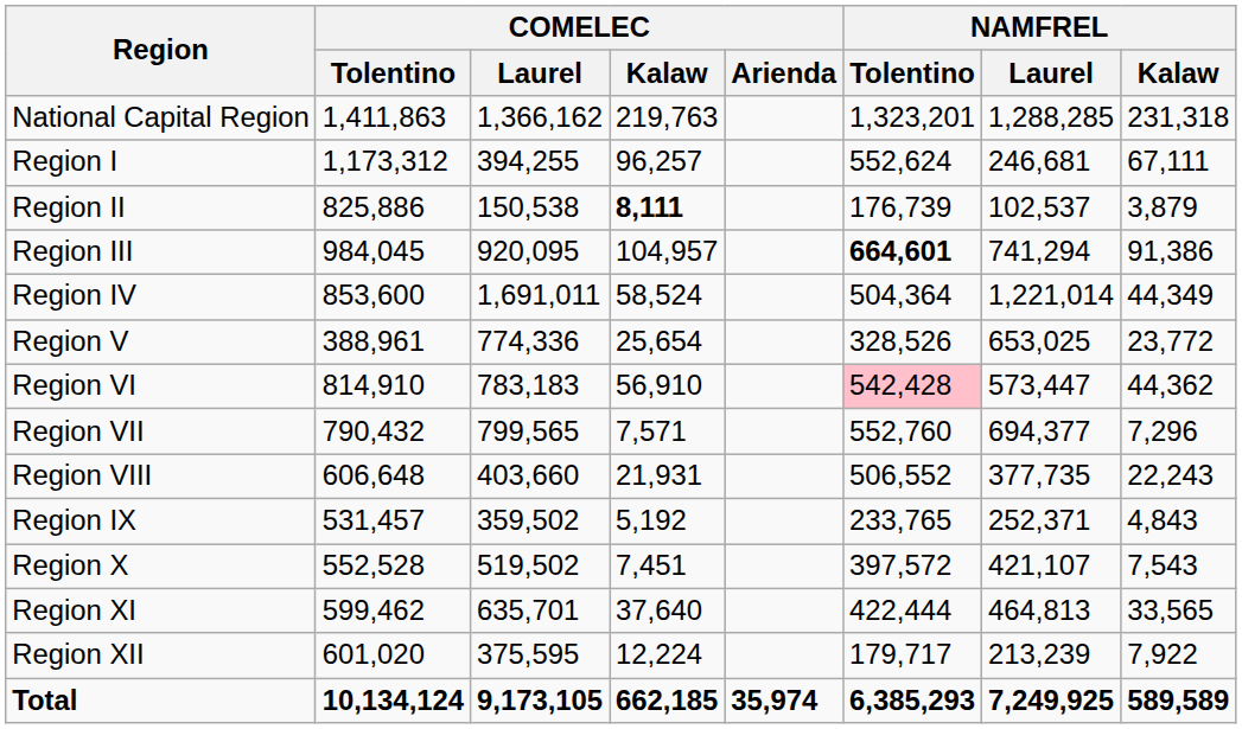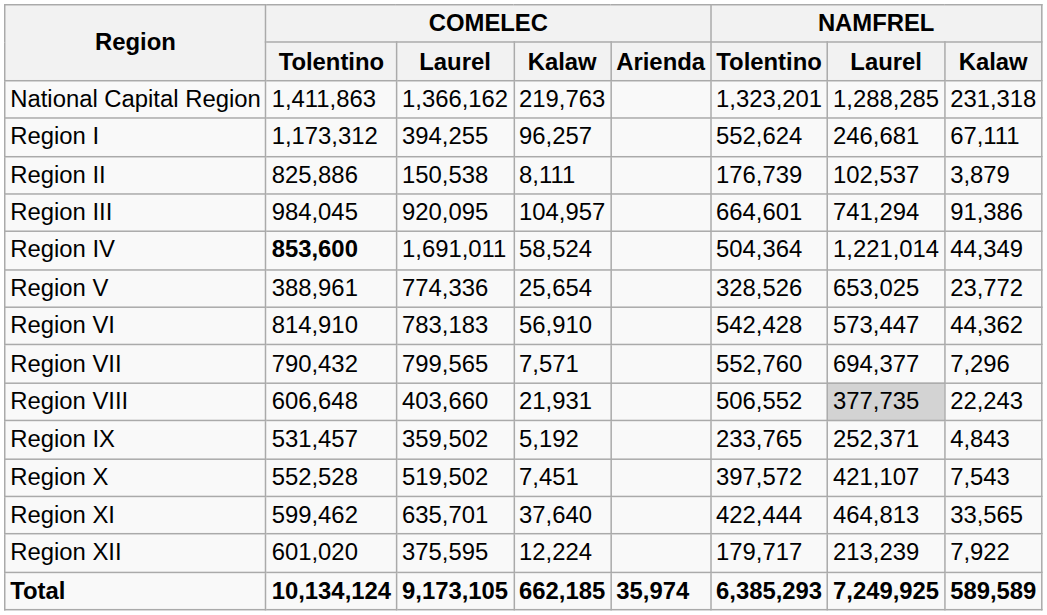 <table class="wikitable">
 <tr>
 <th rowspan="2">Region</th>
 <th colspan="4"><strong>COMELEC</strong></th>
 <th colspan="3"><strong>NAMFREL</strong></th>
 </tr>
 <tr>
 <th>Tolentino</th>
 <th>Laurel</th>
 <th>Kalaw</th>
 <th>Arienda</th>
 <th>Tolentino</th>
 <th>Laurel</th>
 <th>Kalaw</th>
 </tr>
 <tr>
 <td>National Capital Region</td>
 <td>1,411,863</td>
 <td>1,366,162</td>
 <td>219,763</td>
 <td></td>
 <td>1,323,201</td>
 <td>1,288,285</td>
 <td>231,318</td>
 </tr>
 <tr>
 <td>Region I</td>
 <td>1,173,312</td>
 <td>394,255</td>
 <td>96,257</td>
 <td></td>
 <td>552,624</td>
 <td>246,681</td>
 <td>67,111</td>
 </tr>
 <tr>
 <td>Region II</td>
 <td>825,886</td>
 <td>150,538</td>
-<td><strong>8,111</strong></td>
+<td>8,111</td>
 <td></td>
 <td>176,739</td>
 <td>102,537</td>
 <td>3,879</td>
 </tr>
 <tr>
 <td>Region III</td>
 <td>984,045</td>
 <td>920,095</td>
 <td>104,957</td>
 <td></td>
-<td><strong>664,601</strong></td>
+<td>664,601</td>
 <td>741,294</td>
 <td>91,386</td>
 </tr>
 <tr>
 <td>Region IV</td>
-<td>853,600</td>
+<td><strong>853,600</strong></td>
 <td>1,691,011</td>
 <td>58,524</td>
 <td></td>
 <td>504,364</td>
 <td>1,221,014</td>
 <td>44,349</td>
 </tr>
 <tr>
 <td>Region V</td>
 <td>388,961</td>
 <td>774,336</td>
 <td>25,654</td>
 <td></td>
 <td>328,526</td>
 <td>653,025</td>
 <td>23,772</td>
 </tr>
 <tr>
 <td>Region VI</td>
 <td>814,910</td>
 <td>783,183</td>
 <td>56,910</td>
 <td></td>
-<td style="background: pink;">542,428</td>
+<td>542,428</td>
 <td>573,447</td>
 <td>44,362</td>
 </tr>
 <tr>
 <td>Region VII</td>
 <td>790,432</td>
 <td>799,565</td>
 <td>7,571</td>
 <td></td>
 <td>552,760</td>
 <td>694,377</td>
 <td>7,296</td>
 </tr>
 <tr>
 <td>Region VIII</td>
 <td>606,648</td>
 <td>403,660</td>
 <td>21,931</td>
 <td></td>
 <td>506,552</td>
-<td>377,735</td>
+<td style="background: lightgrey;">377,735</td>
 <td>22,243</td>
 </tr>
 <tr>
 <td>Region IX</td>
 <td>531,457</td>
 <td>359,502</td>
 <td>5,192</td>
 <td></td>
 <td>233,765</td>
 <td>252,371</td>
 <td>4,843</td>
 </tr>
 <tr>
 <td>Region X</td>
 <td>552,528</td>
 <td>519,502</td>
 <td>7,451</td>
 <td></td>
 <td>397,572</td>
 <td>421,107</td>
 <td>7,543</td>
 </tr>
 <tr>
 <td>Region XI</td>
 <td>599,462</td>
 <td>635,701</td>
 <td>37,640</td>
 <td></td>
 <td>422,444</td>
 <td>464,813</td>
 <td>33,565</td>
 </tr>
 <tr>
 <td>Region XII</td>
 <td>601,020</td>
 <td>375,595</td>
 <td>12,224</td>
 <td></td>
 <td>179,717</td>
 <td>213,239</td>
 <td>7,922</td>
 </tr>
 <tr>
 <td><strong>Total</strong></td>
 <td><strong>10,134,124</strong></td>
 <td><strong>9,173,105</strong></td>
 <td><strong>662,185</strong></td>
 <td><strong>35,974</strong></td>
 <td><strong>6,385,293</strong></td>
 <td><strong>7,249,925</strong></td>
 <td><strong>589,589</strong></td>
 </tr>
 </table>
